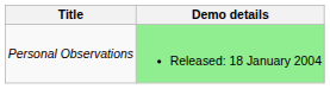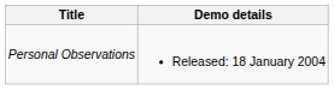 <table class="wikitable">
 <tr>
 <th>Title</th>
 <th>Demo details</th>
 </tr>
 <tr>
 <td><em>Personal Observations</em></td>
-<td style="background: lightgreen;"><br><ul><li>Released: 18 January 2004</li></ul></td>
+<td><br><ul><li>Released: 18 January 2004</li></ul></td>
 </tr>
 </table>
